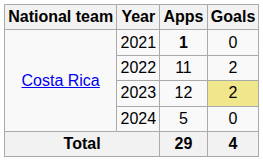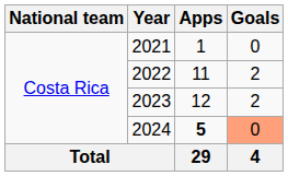 <table class="wikitable" style="text-align:center">
 <tr>
 <th>National team</th>
 <th>Year</th>
 <th>Apps</th>
 <th>Goals</th>
 </tr>
 <tr>
 <td rowspan="4"><a href='#'>Costa Rica</a></td>
 <td>2021</td>
-<td><strong>1</strong></td>
+<td>1</td>
 <td>0</td>
 </tr>
 <tr>
 <td>2022</td>
 <td>11</td>
 <td>2</td>
 </tr>
 <tr>
 <td>2023</td>
 <td>12</td>
-<td style="background: khaki;">2</td>
+<td>2</td>
 </tr>
 <tr>
 <td>2024</td>
-<td>5</td>
-<td>0</td>
+<td><strong>5</strong></td>
+<td style="background: lightsalmon;">0</td>
 </tr>
 <tr>
 <th colspan="2">Total</th>
 <th>29</th>
 <th>4</th>
 </tr>
 </table>
